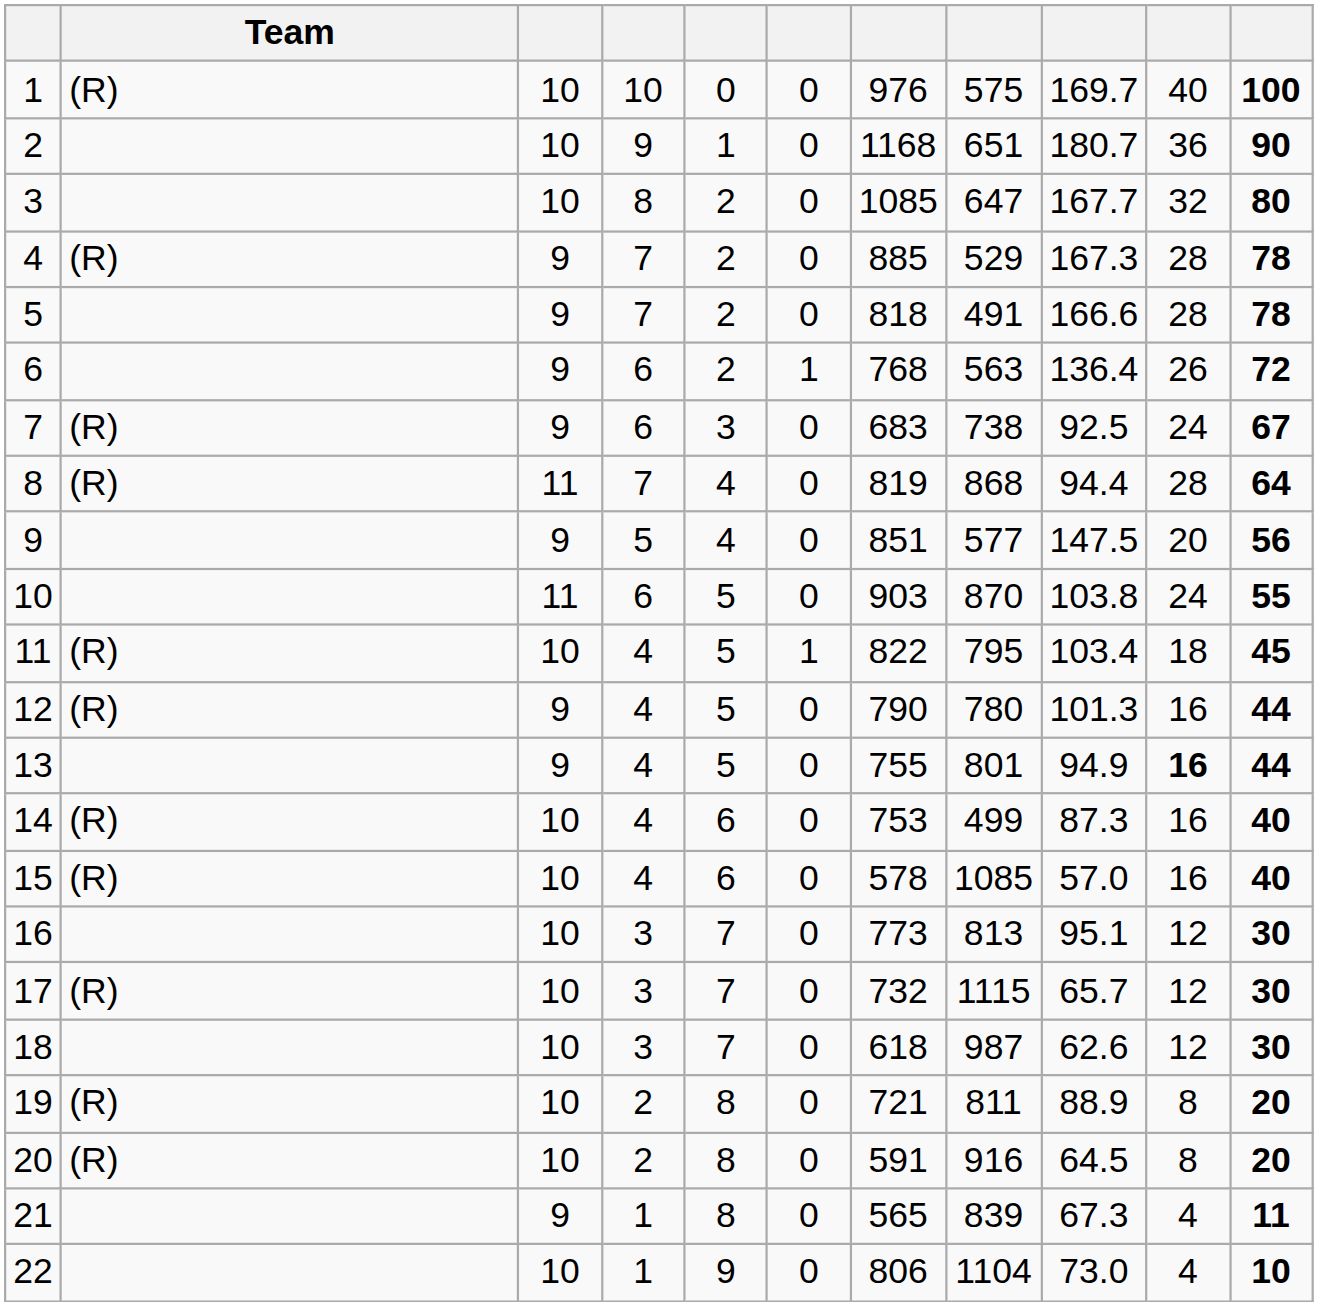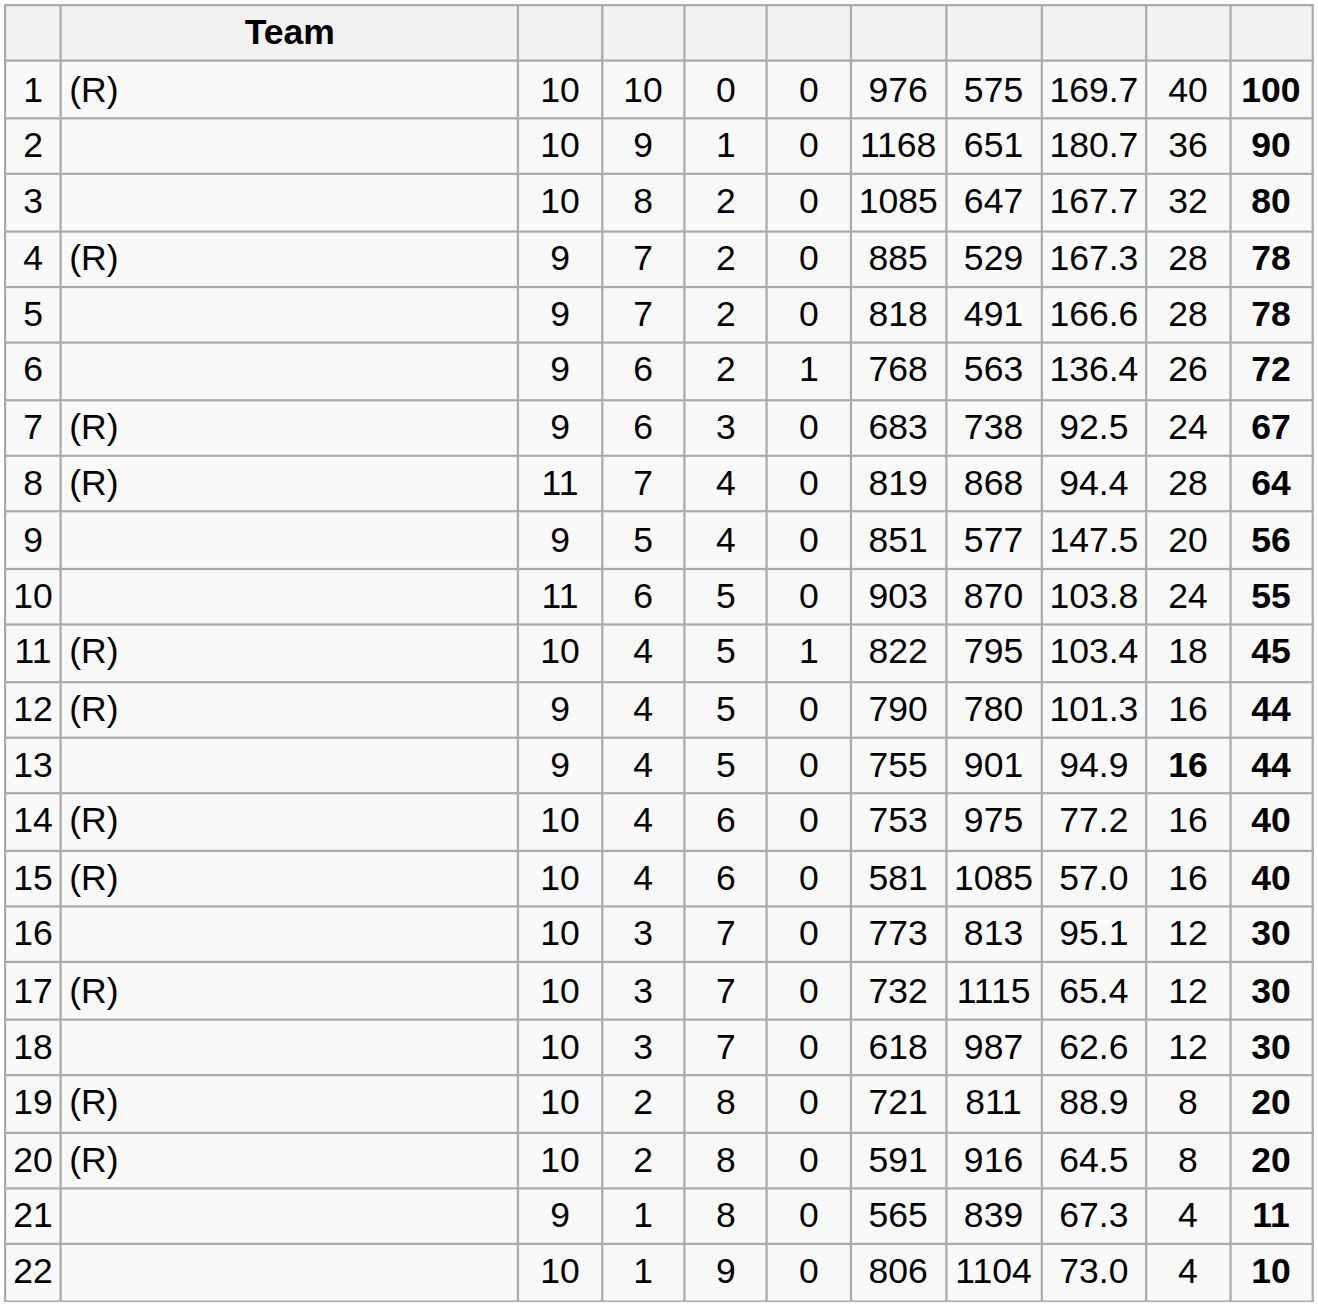 <table class="wikitable" style="text-align: center;">
 <tr style="text-align: center; font-size: 100%;">
 <th style="width:10px"></th>
 <th style="width:35%;">Team</th>
 <th style="width:30px;"></th>
 <th style="width:30px;"></th>
 <th style="width:30px;"></th>
 <th style="width:30px;"></th>
 <th style="width:30px;"></th>
 <th style="width:30px;"></th>
 <th style="width:30px;"></th>
 <th style="width:30px;"></th>
 <th style="width:30px;"></th>
 </tr>
 <tr>
 <td>1</td>
 <td style="text-align: left;"> (R)</td>
 <td>10</td>
 <td>10</td>
 <td>0</td>
 <td>0</td>
 <td>976</td>
 <td>575</td>
 <td>169.7</td>
 <td>40</td>
 <td><strong>100</strong></td>
 </tr>
 <tr>
 <td>2</td>
 <td style="text-align: left;"></td>
 <td>10</td>
 <td>9</td>
 <td>1</td>
 <td>0</td>
 <td>1168</td>
 <td>651</td>
 <td>180.7</td>
 <td>36</td>
 <td><strong>90</strong></td>
 </tr>
 <tr>
 <td>3</td>
 <td style="text-align: left;"></td>
 <td>10</td>
 <td>8</td>
 <td>2</td>
 <td>0</td>
 <td>1085</td>
 <td>647</td>
 <td>167.7</td>
 <td>32</td>
 <td><strong>80</strong></td>
 </tr>
 <tr>
 <td>4</td>
 <td style="text-align: left;"> (R)</td>
 <td>9</td>
 <td>7</td>
 <td>2</td>
 <td>0</td>
 <td>885</td>
 <td>529</td>
 <td>167.3</td>
 <td>28</td>
 <td><strong>78</strong></td>
 </tr>
 <tr>
 <td>5</td>
 <td style="text-align: left;"></td>
 <td>9</td>
 <td>7</td>
 <td>2</td>
 <td>0</td>
 <td>818</td>
 <td>491</td>
 <td>166.6</td>
 <td>28</td>
 <td><strong>78</strong></td>
 </tr>
 <tr>
 <td>6</td>
 <td style="text-align: left;"></td>
 <td>9</td>
 <td>6</td>
 <td>2</td>
 <td>1</td>
 <td>768</td>
 <td>563</td>
 <td>136.4</td>
 <td>26</td>
 <td><strong>72</strong></td>
 </tr>
 <tr>
 <td>7</td>
 <td style="text-align: left;"> (R)</td>
 <td>9</td>
 <td>6</td>
 <td>3</td>
 <td>0</td>
 <td>683</td>
 <td>738</td>
 <td>92.5</td>
 <td>24</td>
 <td><strong>67</strong></td>
 </tr>
 <tr>
 <td>8</td>
 <td style="text-align: left;"> (R)</td>
 <td>11</td>
 <td>7</td>
 <td>4</td>
 <td>0</td>
 <td>819</td>
 <td>868</td>
 <td>94.4</td>
 <td>28</td>
 <td><strong>64</strong></td>
 </tr>
 <tr>
 <td>9</td>
 <td style="text-align: left;"></td>
 <td>9</td>
 <td>5</td>
 <td>4</td>
 <td>0</td>
 <td>851</td>
 <td>577</td>
 <td>147.5</td>
 <td>20</td>
 <td><strong>56</strong></td>
 </tr>
 <tr>
 <td>10</td>
 <td style="text-align: left;"></td>
 <td>11</td>
 <td>6</td>
 <td>5</td>
 <td>0</td>
 <td>903</td>
 <td>870</td>
 <td>103.8</td>
 <td>24</td>
 <td><strong>55</strong></td>
 </tr>
 <tr>
 <td>11</td>
 <td style="text-align: left;"> (R)</td>
 <td>10</td>
 <td>4</td>
 <td>5</td>
 <td>1</td>
 <td>822</td>
 <td>795</td>
 <td>103.4</td>
 <td>18</td>
 <td><strong>45</strong></td>
 </tr>
 <tr>
 <td>12</td>
 <td style="text-align: left;"> (R)</td>
 <td>9</td>
 <td>4</td>
 <td>5</td>
 <td>0</td>
 <td>790</td>
 <td>780</td>
 <td>101.3</td>
 <td>16</td>
 <td><strong>44</strong></td>
 </tr>
 <tr>
 <td>13</td>
 <td style="text-align: left;"></td>
 <td>9</td>
 <td>4</td>
 <td>5</td>
 <td>0</td>
 <td>755</td>
-<td>801</td>
+<td>901</td>
 <td>94.9</td>
 <td><strong>16</strong></td>
 <td><strong>44</strong></td>
 </tr>
 <tr>
 <td>14</td>
 <td style="text-align: left;"> (R)</td>
 <td>10</td>
 <td>4</td>
 <td>6</td>
 <td>0</td>
 <td>753</td>
-<td>499</td>
-<td>87.3</td>
+<td>975</td>
+<td>77.2</td>
 <td>16</td>
 <td><strong>40</strong></td>
 </tr>
 <tr>
 <td>15</td>
 <td style="text-align: left;"> (R)</td>
 <td>10</td>
 <td>4</td>
 <td>6</td>
 <td>0</td>
-<td>578</td>
+<td>581</td>
 <td>1085</td>
 <td>57.0</td>
 <td>16</td>
 <td><strong>40</strong></td>
 </tr>
 <tr>
 <td>16</td>
 <td style="text-align: left;"></td>
 <td>10</td>
 <td>3</td>
 <td>7</td>
 <td>0</td>
 <td>773</td>
 <td>813</td>
 <td>95.1</td>
 <td>12</td>
 <td><strong>30</strong></td>
 </tr>
 <tr>
 <td>17</td>
 <td style="text-align: left;"> (R)</td>
 <td>10</td>
 <td>3</td>
 <td>7</td>
 <td>0</td>
 <td>732</td>
 <td>1115</td>
-<td>65.7</td>
+<td>65.4</td>
 <td>12</td>
 <td><strong>30</strong></td>
 </tr>
 <tr>
 <td>18</td>
 <td style="text-align: left;"></td>
 <td>10</td>
 <td>3</td>
 <td>7</td>
 <td>0</td>
 <td>618</td>
 <td>987</td>
 <td>62.6</td>
 <td>12</td>
 <td><strong>30</strong></td>
 </tr>
 <tr>
 <td>19</td>
 <td style="text-align: left;"> (R)</td>
 <td>10</td>
 <td>2</td>
 <td>8</td>
 <td>0</td>
 <td>721</td>
 <td>811</td>
 <td>88.9</td>
 <td>8</td>
 <td><strong>20</strong></td>
 </tr>
 <tr>
 <td>20</td>
 <td style="text-align: left;"> (R)</td>
 <td>10</td>
 <td>2</td>
 <td>8</td>
 <td>0</td>
 <td>591</td>
 <td>916</td>
 <td>64.5</td>
 <td>8</td>
 <td><strong>20</strong></td>
 </tr>
 <tr>
 <td>21</td>
 <td style="text-align: left;"></td>
 <td>9</td>
 <td>1</td>
 <td>8</td>
 <td>0</td>
 <td>565</td>
 <td>839</td>
 <td>67.3</td>
 <td>4</td>
 <td><strong>11</strong></td>
 </tr>
 <tr>
 <td>22</td>
 <td style="text-align: left;"></td>
 <td>10</td>
 <td>1</td>
 <td>9</td>
 <td>0</td>
 <td>806</td>
 <td>1104</td>
 <td>73.0</td>
 <td>4</td>
 <td><strong>10</strong></td>
 </tr>
 </table>
